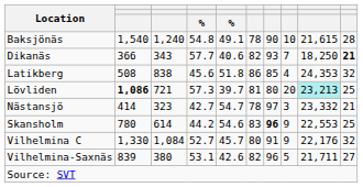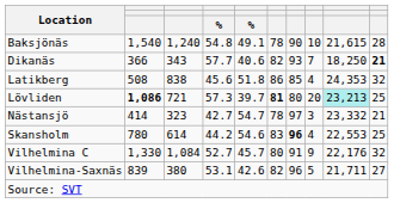 <table role="presentation" class="wikitable sortable mw-collapsible">
 <tr>
 <th rowspan="3">Location</th>
 <th></th>
 <th></th>
 <th></th>
 <th></th>
 <th></th>
 <th></th>
 <th></th>
 <th></th>
 <th></th>
 </tr>
 <tr>
 <th></th>
 <th></th>
 <th style="background:"></th>
 <th style="background:"></th>
 <th></th>
 <th></th>
 <th></th>
 <th></th>
 <th></th>
 </tr>
 <tr>
 <th data-sort-type="number"></th>
 <th data-sort-type="number"></th>
 <th data-sort-type="number">%</th>
 <th data-sort-type="number">%</th>
 <th data-sort-type="number"></th>
 <th data-sort-type="number"></th>
 <th data-sort-type="number"></th>
 <th data-sort-type="number"></th>
 <th data-sort-type="number"></th>
 </tr>
 <tr>
 <td align="left">Baksjönäs</td>
 <td>1,540</td>
 <td>1,240</td>
 <td>54.8</td>
 <td>49.1</td>
 <td>78</td>
 <td>90</td>
 <td>10</td>
 <td>21,615</td>
 <td>28</td>
 </tr>
 <tr>
 <td align="left">Dikanäs</td>
 <td>366</td>
 <td>343</td>
 <td>57.7</td>
 <td>40.6</td>
 <td>82</td>
 <td>93</td>
 <td>7</td>
 <td>18,250</td>
 <td><strong>21</strong></td>
 </tr>
 <tr>
 <td align="left">Latikberg</td>
 <td>508</td>
 <td>838</td>
 <td>45.6</td>
 <td>51.8</td>
 <td>86</td>
 <td>85</td>
 <td>4</td>
 <td>24,353</td>
 <td>32</td>
 </tr>
 <tr>
 <td align="left">Lövliden</td>
 <td><strong>1,086</strong></td>
 <td>721</td>
 <td>57.3</td>
 <td>39.7</td>
-<td>81</td>
+<td><strong>81</strong></td>
 <td>80</td>
 <td>20</td>
 <td style="background: paleturquoise;">23,213</td>
 <td>25</td>
 </tr>
 <tr>
 <td align="left">Nästansjö</td>
 <td>414</td>
 <td>323</td>
 <td>42.7</td>
 <td>54.7</td>
 <td>78</td>
 <td>97</td>
 <td>3</td>
 <td>23,332</td>
 <td>21</td>
 </tr>
 <tr>
 <td align="left">Skansholm</td>
 <td>780</td>
 <td>614</td>
 <td>44.2</td>
 <td>54.6</td>
 <td>83</td>
 <td><strong>96</strong></td>
-<td>9</td>
+<td>4</td>
 <td>22,553</td>
 <td>25</td>
 </tr>
 <tr>
 <td align="left">Vilhelmina C</td>
 <td>1,330</td>
 <td>1,084</td>
 <td>52.7</td>
 <td>45.7</td>
 <td>80</td>
 <td>91</td>
 <td>9</td>
 <td>22,176</td>
 <td>32</td>
 </tr>
 <tr>
 <td align="left">Vilhelmina-Saxnäs</td>
 <td>839</td>
 <td>380</td>
 <td>53.1</td>
 <td>42.6</td>
 <td>82</td>
 <td>96</td>
 <td>5</td>
 <td>21,711</td>
 <td>27</td>
 </tr>
 <tr>
 <td colspan="10" align="left">Source: <a href='#'>SVT</a></td>
 </tr>
 </table>
